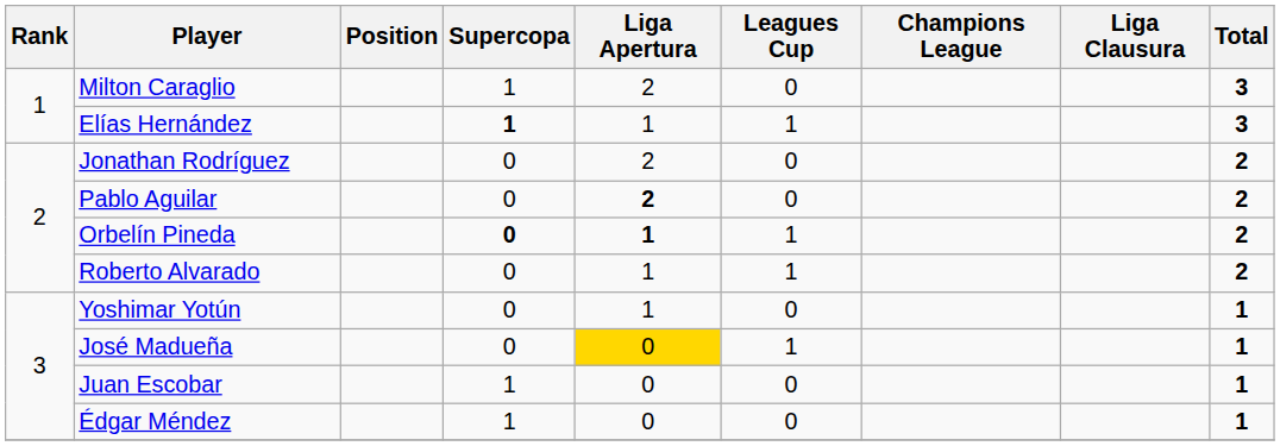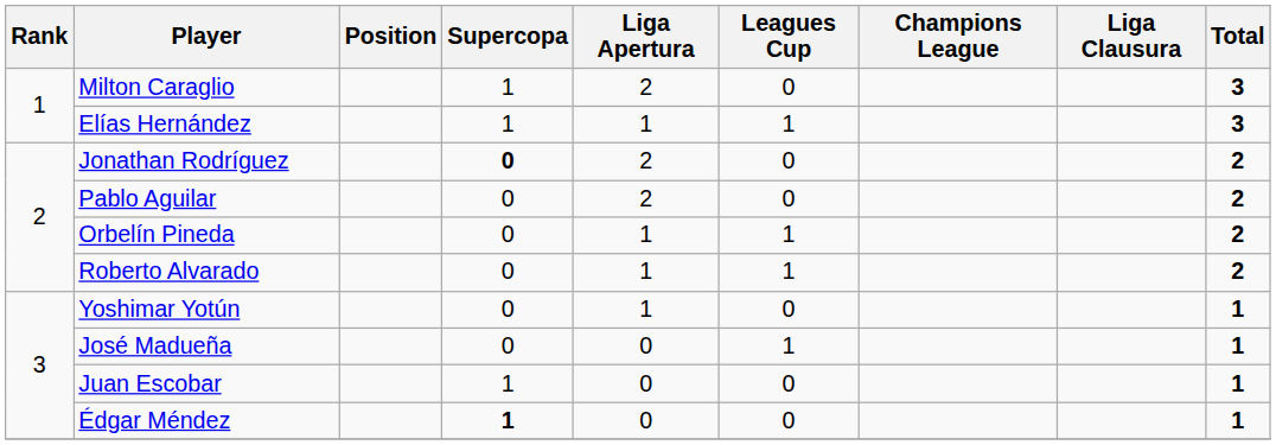 <table class="wikitable">
 <tr>
 <th>Rank</th>
 <th style="width:175px;">Player</th>
 <th>Position</th>
 <th>Supercopa</th>
 <th>Liga Apertura</th>
 <th>Leagues Cup</th>
 <th>Champions League</th>
 <th>Liga Clausura</th>
 <th>Total</th>
 </tr>
 <tr>
 <td rowspan="2" align=center>1</td>
 <td> <a href='#'>Milton Caraglio</a></td>
 <td align=center></td>
 <td align=center>1</td>
 <td align=center>2</td>
 <td align=center>0</td>
 <td align=center></td>
 <td align=center></td>
 <td align=center><strong>3</strong></td>
 </tr>
 <tr>
 <td> <a href='#'>Elías Hernández</a></td>
 <td align=center></td>
-<td align=center><strong>1</strong></td>
+<td align=center>1</td>
 <td align=center>1</td>
 <td align=center>1</td>
 <td align=center></td>
 <td align=center></td>
 <td align=center><strong>3</strong></td>
 </tr>
 <tr>
 <td rowspan="4" align=center>2</td>
 <td> <a href='#'>Jonathan Rodríguez</a></td>
 <td align=center></td>
-<td align=center>0</td>
+<td align=center><strong>0</strong></td>
 <td align=center>2</td>
 <td align=center>0</td>
 <td align=center></td>
 <td align=center></td>
 <td align=center><strong>2</strong></td>
 </tr>
 <tr>
 <td> <a href='#'>Pablo Aguilar</a></td>
 <td align=center></td>
 <td align=center>0</td>
-<td align=center><strong>2</strong></td>
+<td align=center>2</td>
 <td align=center>0</td>
 <td align=center></td>
 <td align=center></td>
 <td align=center><strong>2</strong></td>
 </tr>
 <tr>
 <td> <a href='#'>Orbelín Pineda</a></td>
 <td align=center></td>
-<td align=center><strong>0</strong></td>
-<td align=center><strong>1</strong></td>
+<td align=center>0</td>
+<td align=center>1</td>
 <td align=center>1</td>
 <td align=center></td>
 <td align=center></td>
 <td align=center><strong>2</strong></td>
 </tr>
 <tr>
 <td> <a href='#'>Roberto Alvarado</a></td>
 <td align=center></td>
 <td align=center>0</td>
 <td align=center>1</td>
 <td align=center>1</td>
 <td align=center></td>
 <td align=center></td>
 <td align=center><strong>2</strong></td>
 </tr>
 <tr>
 <td rowspan="4" align=center>3</td>
 <td> <a href='#'>Yoshimar Yotún</a></td>
 <td align=center></td>
 <td align=center>0</td>
 <td align=center>1</td>
 <td align=center>0</td>
 <td align=center></td>
 <td align=center></td>
 <td align=center><strong>1</strong></td>
 </tr>
 <tr>
 <td> <a href='#'>José Madueña</a></td>
 <td align=center></td>
 <td align=center>0</td>
-<td align=center style="background: gold;">0</td>
+<td align=center>0</td>
 <td align=center>1</td>
 <td align=center></td>
 <td align=center></td>
 <td align=center><strong>1</strong></td>
 </tr>
 <tr>
 <td> <a href='#'>Juan Escobar</a></td>
 <td align=center></td>
 <td align=center>1</td>
 <td align=center>0</td>
 <td align=center>0</td>
 <td align=center></td>
 <td align=center></td>
 <td align=center><strong>1</strong></td>
 </tr>
 <tr>
 <td> <a href='#'>Édgar Méndez</a></td>
 <td align=center></td>
-<td align=center>1</td>
+<td align=center><strong>1</strong></td>
 <td align=center>0</td>
 <td align=center>0</td>
 <td align=center></td>
 <td align=center></td>
 <td align=center><strong>1</strong></td>
 </tr>
 <tr>
 </tr>
 </table>
